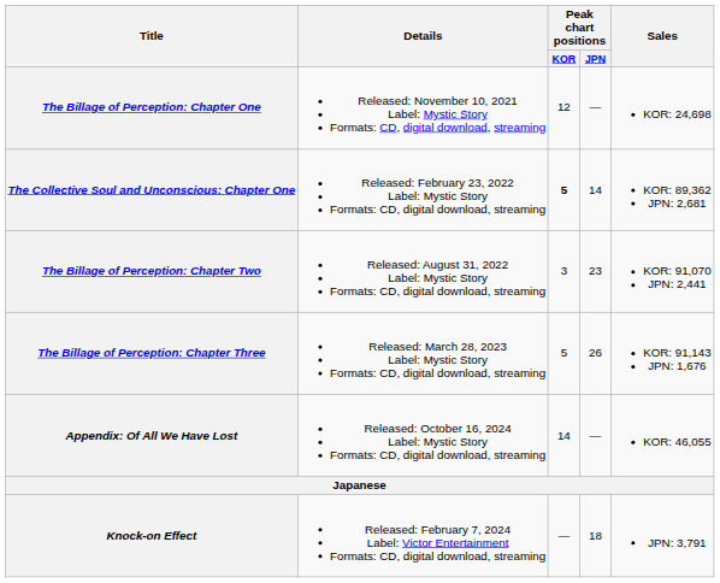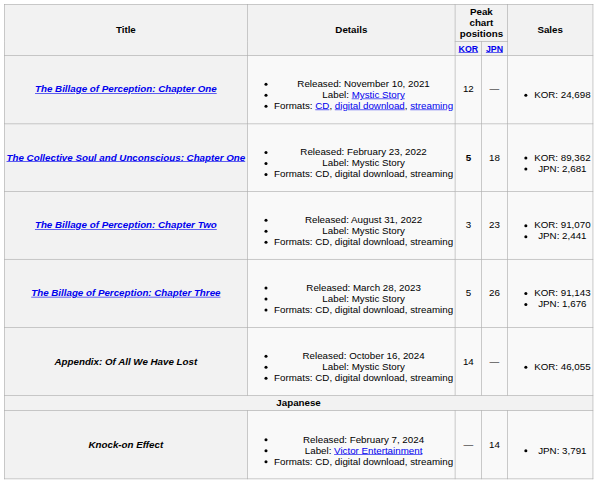 <table class="wikitable plainrowheaders" style="text-align:center">
 <tr>
 <th scope="col" rowspan="2">Title</th>
 <th scope="col" rowspan="2">Details</th>
 <th scope="col" colspan="2">Peak chart<br>positions</th>
 <th scope="col" rowspan="2">Sales</th>
 </tr>
 <tr>
 <th scope="col" style="font-size:90%; width:2.5em"><a href='#'>KOR</a><br></th>
 <th scope="col" style="font-size:90%; width:2.5em"><a href='#'>JPN</a><br></th>
 </tr>
 <tr>
 <th scope="row"><em><a href='#'>The Billage of Perception: Chapter One</a></em></th>
 <td><br><ul><li>Released: November 10, 2021</li><li>Label: <a href='#'>Mystic Story</a></li><li>Formats: <a href='#'>CD</a>, <a href='#'>digital download</a>, <a href='#'>streaming</a></li></ul></td>
 <td>12</td>
 <td>—</td>
 <td><br><ul><li>KOR: 24,698</li></ul></td>
 </tr>
 <tr>
 <th scope="row"><em><a href='#'>The Collective Soul and Unconscious: Chapter One</a></em></th>
 <td><br><ul><li>Released: February 23, 2022</li><li>Label: Mystic Story</li><li>Formats: CD, digital download, streaming</li></ul></td>
 <td><strong>5</strong></td>
-<td>14</td>
+<td>18</td>
 <td><br><ul><li>KOR: 89,362</li><li>JPN: 2,681</li></ul></td>
 </tr>
 <tr>
 <th scope="row"><em><a href='#'>The Billage of Perception: Chapter Two</a></em></th>
 <td><br><ul><li>Released: August 31, 2022</li><li>Label: Mystic Story</li><li>Formats: CD, digital download, streaming</li></ul></td>
 <td>3</td>
 <td>23</td>
 <td><br><ul><li>KOR: 91,070</li><li>JPN: 2,441</li></ul></td>
 </tr>
 <tr>
 <th scope="row"><em><a href='#'>The Billage of Perception: Chapter Three</a></em></th>
 <td><br><ul><li>Released: March 28, 2023</li><li>Label: Mystic Story</li><li>Formats: CD, digital download, streaming</li></ul></td>
 <td>5</td>
 <td>26</td>
 <td><br><ul><li>KOR: 91,143</li><li>JPN: 1,676</li></ul></td>
 </tr>
 <tr>
 <th scope="row"><em>Appendix: Of All We Have Lost</em></th>
 <td><br><ul><li>Released: October 16, 2024</li><li>Label: Mystic Story</li><li>Formats: CD, digital download, streaming</li></ul></td>
 <td>14</td>
 <td>—</td>
 <td><br><ul><li>KOR: 46,055</li></ul></td>
 </tr>
 <tr>
 <th colspan="5">Japanese</th>
 </tr>
 <tr>
 <th scope="row"><em>Knock-on Effect</em></th>
 <td><br><ul><li>Released: February 7, 2024</li><li>Label: <a href='#'>Victor Entertainment</a></li><li>Formats: CD, digital download, streaming</li></ul></td>
 <td>—</td>
-<td>18</td>
+<td>14</td>
 <td><br><ul><li>JPN: 3,791</li></ul></td>
 </tr>
 </table>
